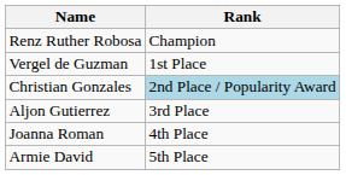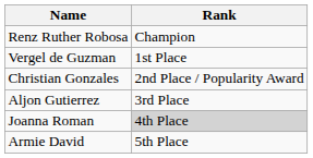 <table class="wikitable" style="text-align:left; line-height:16px; width:auto;">
 <tr>
 <th>Name</th>
 <th>Rank</th>
 </tr>
 <tr>
 <td>Renz Ruther Robosa</td>
 <td>Champion</td>
 </tr>
 <tr>
 <td>Vergel de Guzman</td>
 <td>1st Place</td>
 </tr>
 <tr>
 <td>Christian Gonzales</td>
-<td style="background: lightblue;">2nd Place / Popularity Award</td>
+<td>2nd Place / Popularity Award</td>
 </tr>
 <tr>
 <td>Aljon Gutierrez</td>
 <td>3rd Place</td>
 </tr>
 <tr>
 <td>Joanna Roman</td>
-<td>4th Place</td>
+<td style="background: lightgrey;">4th Place</td>
 </tr>
 <tr>
 <td>Armie David</td>
 <td>5th Place</td>
 </tr>
 </table>
